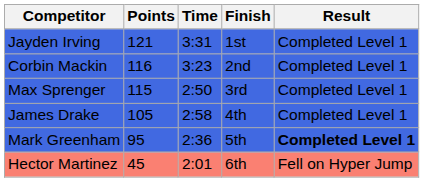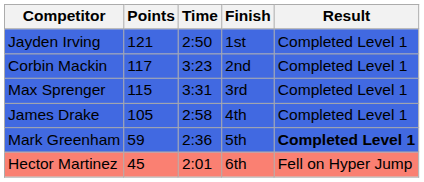 <table class="wikitable sortable">
 <tr>
 <th nowrap="nowrap">Competitor</th>
 <th>Points</th>
 <th>Time</th>
 <th>Finish</th>
 <th>Result</th>
 </tr>
 <tr style="background:royalblue;">
 <td> Jayden Irving</td>
 <td>121</td>
-<td>3:31</td>
+<td>2:50</td>
 <td>1st</td>
 <td>Completed Level 1</td>
 </tr>
 <tr style="background:royalblue;">
 <td> Corbin Mackin</td>
-<td>116</td>
+<td>117</td>
 <td>3:23</td>
 <td>2nd</td>
 <td>Completed Level 1</td>
 </tr>
 <tr style="background:royalblue;">
 <td> Max Sprenger</td>
 <td>115</td>
-<td>2:50</td>
+<td>3:31</td>
 <td>3rd</td>
 <td>Completed Level 1</td>
 </tr>
 <tr style="background:royalblue;">
 <td> James Drake</td>
 <td>105</td>
 <td>2:58</td>
 <td>4th</td>
 <td>Completed Level 1</td>
 </tr>
 <tr style="background:royalblue;">
 <td> Mark Greenham</td>
-<td>95</td>
+<td>59</td>
 <td>2:36</td>
 <td>5th</td>
 <td><strong>Completed Level 1</strong></td>
 </tr>
 <tr style="background-color:#fa8072">
 <td> Hector Martinez</td>
 <td>45</td>
 <td>2:01</td>
 <td>6th</td>
 <td>Fell on Hyper Jump</td>
 </tr>
 </table>
